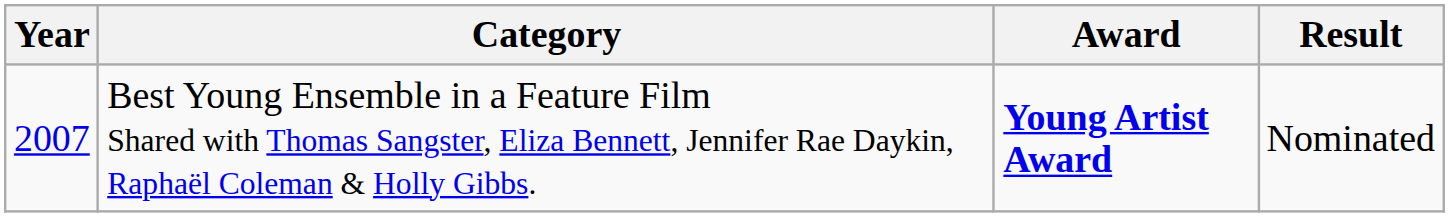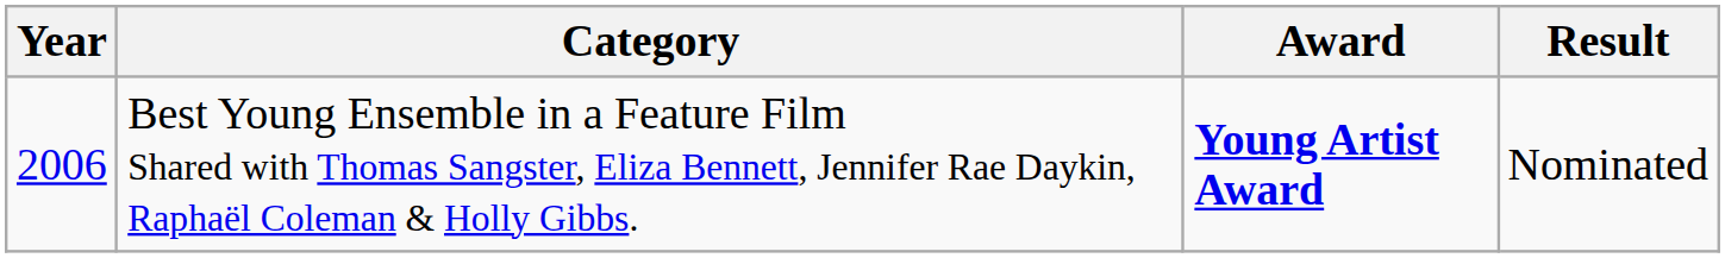 <table class="wikitable" border="1">
 <tr>
 <th>Year</th>
 <th>Category</th>
 <th>Award</th>
 <th>Result</th>
 </tr>
 <tr>
-<td><a href='#'>2007</a></td>
+<td><a href='#'>2006</a></td>
 <td>Best Young Ensemble in a Feature Film<br><small>Shared with <a href='#'>Thomas Sangster</a>, <a href='#'>Eliza Bennett</a>, Jennifer Rae Daykin, <a href='#'>Raphaël Coleman</a> & <a href='#'>Holly Gibbs</a>.</small></td>
 <td><strong><a href='#'>Young Artist Award</a></strong></td>
 <td>Nominated</td>
 </tr>
 </table>
